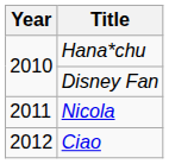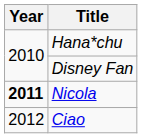 <table class="wikitable">
 <tr>
 <th>Year</th>
 <th>Title</th>
 </tr>
 <tr>
 <td rowspan="2">2010</td>
 <td><em>Hana*chu</em></td>
 </tr>
 <tr>
 <td><em>Disney Fan</em></td>
 </tr>
 <tr>
-<td>2011</td>
+<td><strong>2011</strong></td>
 <td><em><a href='#'>Nicola</a></em></td>
 </tr>
 <tr>
 <td>2012</td>
 <td><em><a href='#'>Ciao</a></em></td>
 </tr>
 </table>
